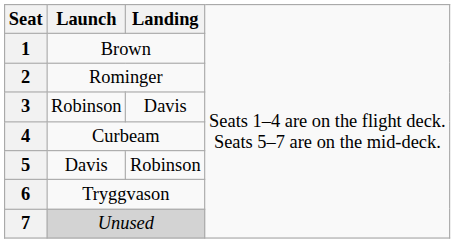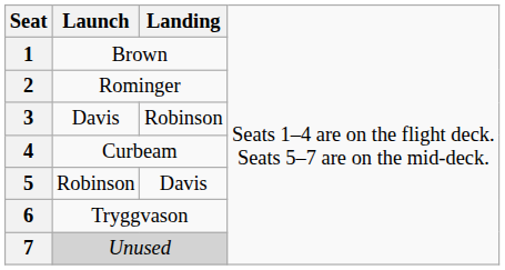 <table class="wikitable" style="text-align:center">
 <tr>
 <th>Seat</th>
 <th>Launch</th>
 <th>Landing</th>
 <td rowspan=8><br>Seats 1–4 are on the flight deck.<br>Seats 5–7 are on the mid-deck.</td>
 </tr>
 <tr>
 <th>1</th>
 <td colspan=2>Brown</td>
 </tr>
 <tr>
 <th>2</th>
 <td colspan=2>Rominger</td>
 </tr>
 <tr>
 <th>3</th>
+<td>Davis</td>
 <td>Robinson</td>
-<td>Davis</td>
 </tr>
 <tr>
 <th>4</th>
 <td colspan=2>Curbeam</td>
 </tr>
 <tr>
 <th>5</th>
+<td>Robinson</td>
 <td>Davis</td>
-<td>Robinson</td>
 </tr>
 <tr>
 <th>6</th>
 <td colspan=2>Tryggvason</td>
 </tr>
 <tr>
 <th>7</th>
 <td colspan=2 style="background-color:lightgray"><em>Unused</em></td>
 </tr>
 </table>
